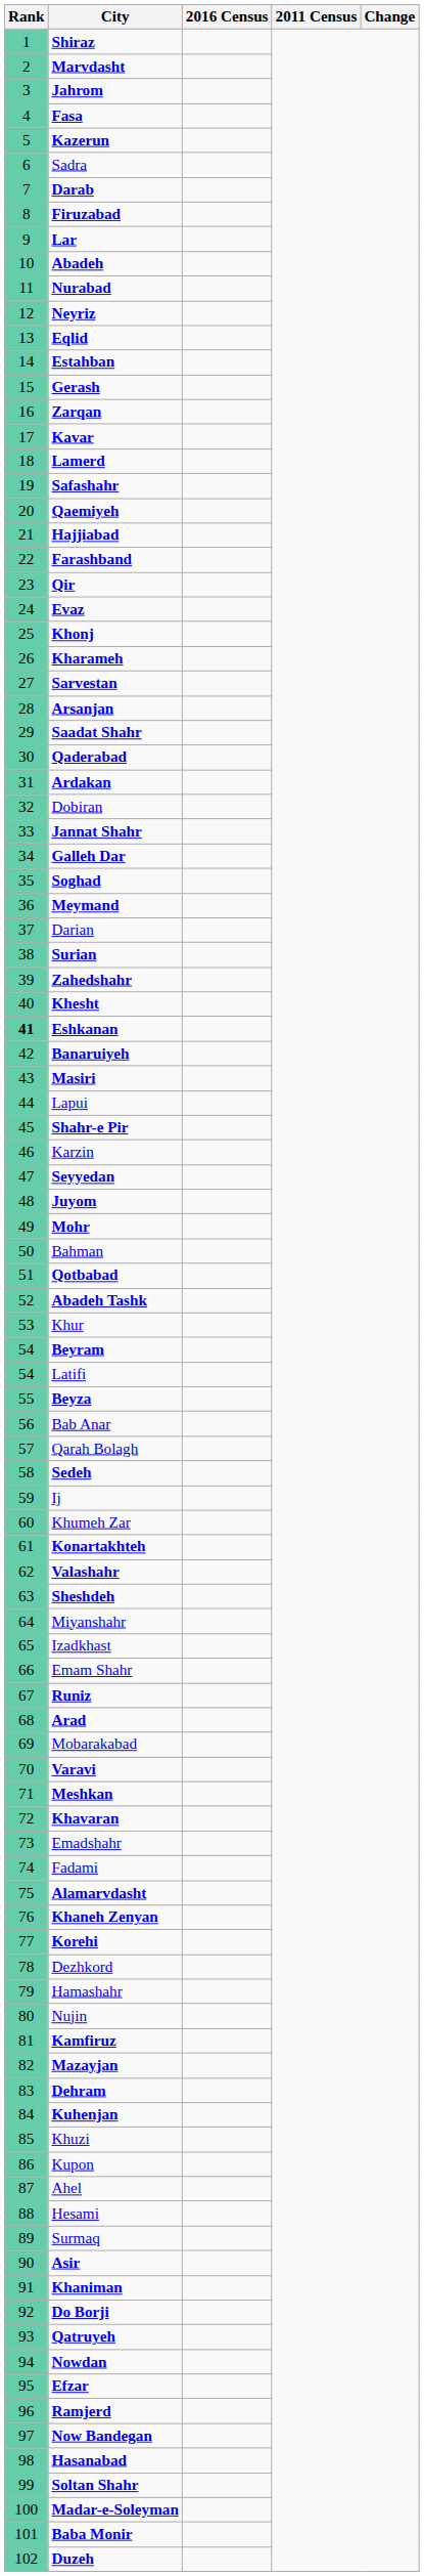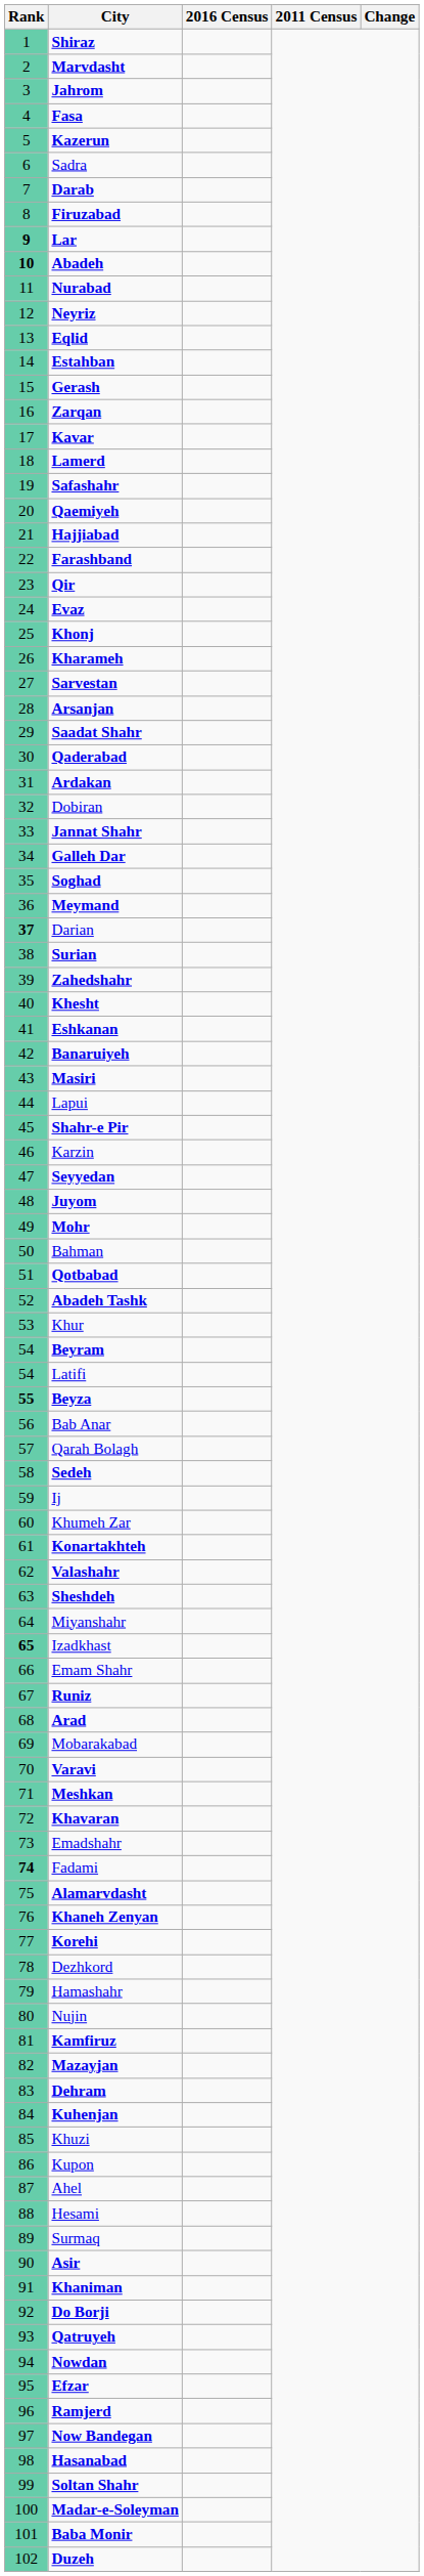 <table class="wikitable sortable">
 <tr>
 <th>Rank</th>
 <th>City</th>
 <th>2016 Census</th>
 <th>2011 Census</th>
 <th>Change</th>
 </tr>
 <tr>
 <td align=center bgcolor="66CDAA">1</td>
 <td><strong><a href='#'>Shiraz</a></strong></td>
 <td></td>
 </tr>
 <tr>
 <td align=center bgcolor="66CDAA">2</td>
 <td><strong><a href='#'>Marvdasht</a></strong></td>
 <td></td>
 </tr>
 <tr>
 <td align=center bgcolor="66CDAA">3</td>
 <td><strong><a href='#'>Jahrom</a></strong></td>
 <td></td>
 </tr>
 <tr>
 <td align=center bgcolor="66CDAA">4</td>
 <td><strong><a href='#'>Fasa</a></strong></td>
 <td></td>
 </tr>
 <tr>
 <td align=center bgcolor="66CDAA">5</td>
 <td><strong><a href='#'>Kazerun</a></strong></td>
 <td></td>
 </tr>
 <tr>
 <td align=center bgcolor="66CDAA">6</td>
 <td><a href='#'>Sadra</a></td>
 <td></td>
 </tr>
 <tr>
 <td align=center bgcolor="66CDAA">7</td>
 <td><strong><a href='#'>Darab</a></strong></td>
 <td></td>
 </tr>
 <tr>
 <td align=center bgcolor="66CDAA">8</td>
 <td><strong><a href='#'>Firuzabad</a></strong></td>
 <td></td>
 </tr>
 <tr>
-<td align=center bgcolor="66CDAA">9</td>
+<td align=center bgcolor="66CDAA"><strong>9</strong></td>
 <td><strong><a href='#'>Lar</a></strong></td>
 <td></td>
 </tr>
 <tr>
-<td align=center bgcolor="66CDAA">10</td>
+<td align=center bgcolor="66CDAA"><strong>10</strong></td>
 <td><strong><a href='#'>Abadeh</a></strong></td>
 <td></td>
 </tr>
 <tr>
 <td align=center bgcolor="66CDAA">11</td>
 <td><strong><a href='#'>Nurabad</a></strong></td>
 <td></td>
 </tr>
 <tr>
 <td align=center bgcolor="66CDAA">12</td>
 <td><strong><a href='#'>Neyriz</a></strong></td>
 <td></td>
 </tr>
 <tr>
 <td align=center bgcolor="66CDAA">13</td>
 <td><strong><a href='#'>Eqlid</a></strong></td>
 <td></td>
 </tr>
 <tr>
 <td align=center bgcolor="66CDAA">14</td>
 <td><strong><a href='#'>Estahban</a></strong></td>
 <td></td>
 </tr>
 <tr>
 <td align=center bgcolor="66CDAA">15</td>
 <td><strong><a href='#'>Gerash</a></strong></td>
 <td></td>
 </tr>
 <tr>
 <td align=center bgcolor="66CDAA">16</td>
 <td><strong><a href='#'>Zarqan</a></strong></td>
 <td></td>
 </tr>
 <tr>
 <td align=center bgcolor="66CDAA">17</td>
 <td><strong><a href='#'>Kavar</a></strong></td>
 <td></td>
 </tr>
 <tr>
 <td align=center bgcolor="66CDAA">18</td>
 <td><strong><a href='#'>Lamerd</a></strong></td>
 <td></td>
 </tr>
 <tr>
 <td align=center bgcolor="66CDAA">19</td>
 <td><strong><a href='#'>Safashahr</a></strong></td>
 <td></td>
 </tr>
 <tr>
 <td align=center bgcolor="66CDAA">20</td>
 <td><strong><a href='#'>Qaemiyeh</a></strong></td>
 <td></td>
 </tr>
 <tr>
 <td align=center bgcolor="66CDAA">21</td>
 <td><strong><a href='#'>Hajjiabad</a></strong></td>
 <td></td>
 </tr>
 <tr>
 <td align=center bgcolor="66CDAA">22</td>
 <td><strong><a href='#'>Farashband</a></strong></td>
 <td></td>
 </tr>
 <tr>
 <td align=center bgcolor="66CDAA">23</td>
 <td><strong><a href='#'>Qir</a></strong></td>
 <td></td>
 </tr>
 <tr>
 <td align=center bgcolor="66CDAA">24</td>
 <td><strong><a href='#'>Evaz</a></strong></td>
 <td></td>
 </tr>
 <tr>
 <td align=center bgcolor="66CDAA">25</td>
 <td><strong><a href='#'>Khonj</a></strong></td>
 <td></td>
 </tr>
 <tr>
 <td align=center bgcolor="66CDAA">26</td>
 <td><strong><a href='#'>Kharameh</a></strong></td>
 <td></td>
 </tr>
 <tr>
 <td align=center bgcolor="66CDAA">27</td>
 <td><strong><a href='#'>Sarvestan</a></strong></td>
 <td></td>
 </tr>
 <tr>
 <td align=center bgcolor="66CDAA">28</td>
 <td><strong><a href='#'>Arsanjan</a></strong></td>
 <td></td>
 </tr>
 <tr>
 <td align=center bgcolor="66CDAA">29</td>
 <td><strong><a href='#'>Saadat Shahr</a></strong></td>
 <td></td>
 </tr>
 <tr>
 <td align=center bgcolor="66CDAA">30</td>
 <td><strong><a href='#'>Qaderabad</a></strong></td>
 <td></td>
 </tr>
 <tr>
 <td align=center bgcolor="66CDAA">31</td>
 <td><strong><a href='#'>Ardakan</a></strong></td>
 <td></td>
 </tr>
 <tr>
 <td align=center bgcolor="66CDAA">32</td>
 <td><a href='#'>Dobiran</a></td>
 <td></td>
 </tr>
 <tr>
 <td align=center bgcolor="66CDAA">33</td>
 <td><strong><a href='#'>Jannat Shahr</a></strong></td>
 <td></td>
 </tr>
 <tr>
 <td align=center bgcolor="66CDAA">34</td>
 <td><strong><a href='#'>Galleh Dar</a></strong></td>
 <td></td>
 </tr>
 <tr>
 <td align=center bgcolor="66CDAA">35</td>
 <td><strong><a href='#'>Soghad</a></strong></td>
 <td></td>
 </tr>
 <tr>
 <td align=center bgcolor="66CDAA">36</td>
 <td><strong><a href='#'>Meymand</a></strong></td>
 <td></td>
 </tr>
 <tr>
-<td align=center bgcolor="66CDAA">37</td>
+<td align=center bgcolor="66CDAA"><strong>37</strong></td>
 <td><a href='#'>Darian</a></td>
 <td></td>
 </tr>
 <tr>
 <td align="center" bgcolor="66CDAA">38</td>
 <td><strong><a href='#'>Surian</a></strong></td>
 <td></td>
 </tr>
 <tr>
 <td align=center bgcolor="66CDAA">39</td>
 <td><strong><a href='#'>Zahedshahr</a></strong></td>
 <td></td>
 </tr>
 <tr>
 <td align=center bgcolor="66CDAA">40</td>
 <td><strong><a href='#'>Khesht</a></strong></td>
 <td></td>
 </tr>
 <tr>
-<td align=center bgcolor="66CDAA"><strong>41</strong></td>
+<td align=center bgcolor="66CDAA">41</td>
 <td><strong><a href='#'>Eshkanan</a></strong></td>
 <td></td>
 </tr>
 <tr>
 <td align="center" bgcolor="66CDAA">42</td>
 <td><strong><a href='#'>Banaruiyeh</a></strong></td>
 <td></td>
 </tr>
 <tr>
 <td align="center" bgcolor="66CDAA">43</td>
 <td><strong><a href='#'>Masiri</a></strong></td>
 <td></td>
 </tr>
 <tr>
 <td align="center" bgcolor="66CDAA">44</td>
 <td><a href='#'>Lapui</a></td>
 <td></td>
 </tr>
 <tr>
 <td align=center bgcolor="66CDAA">45</td>
 <td><strong><a href='#'>Shahr-e Pir</a></strong></td>
 <td></td>
 </tr>
 <tr>
 <td align="center" bgcolor="66CDAA">46</td>
 <td><a href='#'>Karzin</a></td>
 <td></td>
 </tr>
 <tr>
 <td align="center" bgcolor="66CDAA">47</td>
 <td><strong><a href='#'>Seyyedan</a></strong></td>
 <td></td>
 </tr>
 <tr>
 <td align="center" bgcolor="66CDAA">48</td>
 <td><strong><a href='#'>Juyom</a></strong></td>
 <td></td>
 </tr>
 <tr>
 <td align="center" bgcolor="66CDAA">49</td>
 <td><strong><a href='#'>Mohr</a></strong></td>
 <td></td>
 </tr>
 <tr>
 <td align="center" bgcolor="66CDAA">50</td>
 <td><a href='#'>Bahman</a></td>
 <td></td>
 </tr>
 <tr>
 <td align="center" bgcolor="66CDAA">51</td>
 <td><strong><a href='#'>Qotbabad</a></strong></td>
 <td></td>
 </tr>
 <tr>
 <td align="center" bgcolor="66CDAA">52</td>
 <td><strong><a href='#'>Abadeh Tashk</a></strong></td>
 <td></td>
 </tr>
 <tr>
 <td align="center" bgcolor="66CDAA">53</td>
 <td><a href='#'>Khur</a></td>
 <td></td>
 </tr>
 <tr>
 <td align=center bgcolor="66CDAA">54</td>
 <td><strong><a href='#'>Beyram</a></strong></td>
 <td></td>
 </tr>
 <tr>
 <td align="center" bgcolor="66CDAA">54</td>
 <td><a href='#'>Latifi</a></td>
 <td></td>
 </tr>
 <tr>
-<td align="center" bgcolor="66CDAA">55</td>
+<td align="center" bgcolor="66CDAA"><strong>55</strong></td>
 <td><strong><a href='#'>Beyza</a></strong></td>
 <td></td>
 </tr>
 <tr>
 <td align=center bgcolor="66CDAA">56</td>
 <td><a href='#'>Bab Anar</a></td>
 <td></td>
 </tr>
 <tr>
 <td align=center bgcolor="66CDAA">57</td>
 <td><a href='#'>Qarah Bolagh</a></td>
 <td></td>
 </tr>
 <tr>
 <td align="center" bgcolor="66CDAA">58</td>
 <td><strong><a href='#'>Sedeh</a></strong></td>
 <td></td>
 </tr>
 <tr>
 <td align=center bgcolor="66CDAA">59</td>
 <td><a href='#'>Ij</a></td>
 <td></td>
 </tr>
 <tr>
 <td align=center bgcolor="66CDAA">60</td>
 <td><a href='#'>Khumeh Zar</a></td>
 <td></td>
 </tr>
 <tr>
 <td align=center bgcolor="66CDAA">61</td>
 <td><strong><a href='#'>Konartakhteh</a></strong></td>
 <td></td>
 </tr>
 <tr>
 <td align=center bgcolor="66CDAA">62</td>
 <td><strong><a href='#'>Valashahr</a></strong></td>
 <td></td>
 </tr>
 <tr>
 <td align=center bgcolor="66CDAA">63</td>
 <td><strong><a href='#'>Sheshdeh</a></strong></td>
 <td></td>
 </tr>
 <tr>
 <td align=center bgcolor="66CDAA">64</td>
 <td><a href='#'>Miyanshahr</a></td>
 <td></td>
 </tr>
 <tr>
-<td align=center bgcolor="66CDAA">65</td>
+<td align=center bgcolor="66CDAA"><strong>65</strong></td>
 <td><a href='#'>Izadkhast</a></td>
 <td></td>
 </tr>
 <tr>
 <td align=center bgcolor="66CDAA">66</td>
 <td><a href='#'>Emam Shahr</a></td>
 <td></td>
 </tr>
 <tr>
 <td align=center bgcolor="66CDAA">67</td>
 <td><strong><a href='#'>Runiz</a></strong></td>
 <td></td>
 </tr>
 <tr>
 <td align=center bgcolor="66CDAA">68</td>
 <td><strong><a href='#'>Arad</a></strong></td>
 <td></td>
 </tr>
 <tr>
 <td align=center bgcolor="66CDAA">69</td>
 <td><a href='#'>Mobarakabad</a></td>
 <td></td>
 </tr>
 <tr>
 <td align=center bgcolor="66CDAA">70</td>
 <td><strong><a href='#'>Varavi</a></strong></td>
 <td></td>
 </tr>
 <tr>
 <td align=center bgcolor="66CDAA">71</td>
 <td><strong><a href='#'>Meshkan</a></strong></td>
 <td></td>
 </tr>
 <tr>
 <td align=center bgcolor="66CDAA">72</td>
 <td><strong><a href='#'>Khavaran</a></strong></td>
 <td></td>
 </tr>
 <tr>
 <td align=center bgcolor="66CDAA">73</td>
 <td><a href='#'>Emadshahr</a></td>
 <td></td>
 </tr>
 <tr>
-<td align=center bgcolor="66CDAA">74</td>
+<td align=center bgcolor="66CDAA"><strong>74</strong></td>
 <td><a href='#'>Fadami</a></td>
 <td></td>
 </tr>
 <tr>
 <td align=center bgcolor="66CDAA">75</td>
 <td><strong><a href='#'>Alamarvdasht</a></strong></td>
 <td></td>
 </tr>
 <tr>
 <td align=center bgcolor="66CDAA">76</td>
 <td><strong><a href='#'>Khaneh Zenyan</a></strong></td>
 <td></td>
 </tr>
 <tr>
 <td align=center bgcolor="66CDAA">77</td>
 <td><strong><a href='#'>Korehi</a></strong></td>
 <td></td>
 </tr>
 <tr>
 <td align=center bgcolor="66CDAA">78</td>
 <td><a href='#'>Dezhkord</a></td>
 <td></td>
 </tr>
 <tr>
 <td align=center bgcolor="66CDAA">79</td>
 <td><a href='#'>Hamashahr</a></td>
 <td></td>
 </tr>
 <tr>
 <td align=center bgcolor="66CDAA">80</td>
 <td><a href='#'>Nujin</a></td>
 <td></td>
 </tr>
 <tr>
 <td align=center bgcolor="66CDAA">81</td>
 <td><strong><a href='#'>Kamfiruz</a></strong></td>
 <td></td>
 </tr>
 <tr>
 <td align=center bgcolor="66CDAA">82</td>
 <td><strong><a href='#'>Mazayjan</a></strong></td>
 <td></td>
 </tr>
 <tr>
 <td align=center bgcolor="66CDAA">83</td>
 <td><strong><a href='#'>Dehram</a></strong></td>
 <td></td>
 </tr>
 <tr>
 <td align=center bgcolor="66CDAA">84</td>
 <td><strong><a href='#'>Kuhenjan</a></strong></td>
 <td></td>
 </tr>
 <tr>
 <td align=center bgcolor="66CDAA">85</td>
 <td><a href='#'>Khuzi</a></td>
 <td></td>
 </tr>
 <tr>
 <td align=center bgcolor="66CDAA">86</td>
 <td><a href='#'>Kupon</a></td>
 <td></td>
 </tr>
 <tr>
 <td align=center bgcolor="66CDAA">87</td>
 <td><a href='#'>Ahel</a></td>
 <td></td>
 </tr>
 <tr>
 <td align=center bgcolor="66CDAA">88</td>
 <td><a href='#'>Hesami</a></td>
 <td></td>
 </tr>
 <tr>
 <td align=center bgcolor="66CDAA">89</td>
 <td><a href='#'>Surmaq</a></td>
 <td></td>
 </tr>
 <tr>
 <td align=center bgcolor="66CDAA">90</td>
 <td><strong><a href='#'>Asir</a></strong></td>
 <td></td>
 </tr>
 <tr>
 <td align=center bgcolor="66CDAA">91</td>
 <td><strong><a href='#'>Khaniman</a></strong></td>
 <td></td>
 </tr>
 <tr>
 <td align=center bgcolor="66CDAA">92</td>
 <td><strong><a href='#'>Do Borji</a></strong></td>
 <td></td>
 </tr>
 <tr>
 <td align=center bgcolor="66CDAA">93</td>
 <td><strong><a href='#'>Qatruyeh</a></strong></td>
 <td></td>
 </tr>
 <tr>
 <td align=center bgcolor="66CDAA">94</td>
 <td><strong><a href='#'>Nowdan</a></strong></td>
 <td></td>
 </tr>
 <tr>
 <td align=center bgcolor="66CDAA">95</td>
 <td><strong><a href='#'>Efzar</a></strong></td>
 <td></td>
 </tr>
 <tr>
 <td align=center bgcolor="66CDAA">96</td>
 <td><strong><a href='#'>Ramjerd</a></strong></td>
 <td></td>
 </tr>
 <tr>
 <td align=center bgcolor="66CDAA">97</td>
 <td><strong><a href='#'>Now Bandegan</a></strong></td>
 <td></td>
 </tr>
 <tr>
 <td align=center bgcolor="66CDAA">98</td>
 <td><strong><a href='#'>Hasanabad</a></strong></td>
 <td></td>
 </tr>
 <tr>
 <td align=center bgcolor="66CDAA">99</td>
 <td><strong><a href='#'>Soltan Shahr</a></strong></td>
 <td></td>
 </tr>
 <tr>
 <td align=center bgcolor="66CDAA">100</td>
 <td><strong><a href='#'>Madar-e-Soleyman</a></strong></td>
 <td></td>
 </tr>
 <tr>
 <td align=center bgcolor="66CDAA">101</td>
 <td><strong><a href='#'>Baba Monir</a></strong></td>
 <td></td>
 </tr>
 <tr>
 <td align=center bgcolor="66CDAA">102</td>
 <td><strong><a href='#'>Duzeh</a></strong></td>
 <td></td>
 </tr>
 <tr>
 </tr>
 </table>
